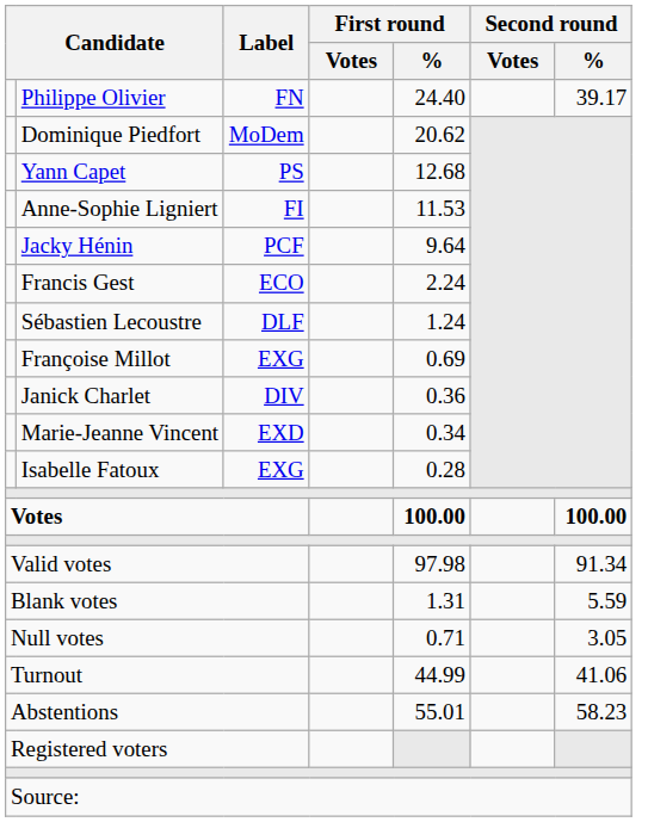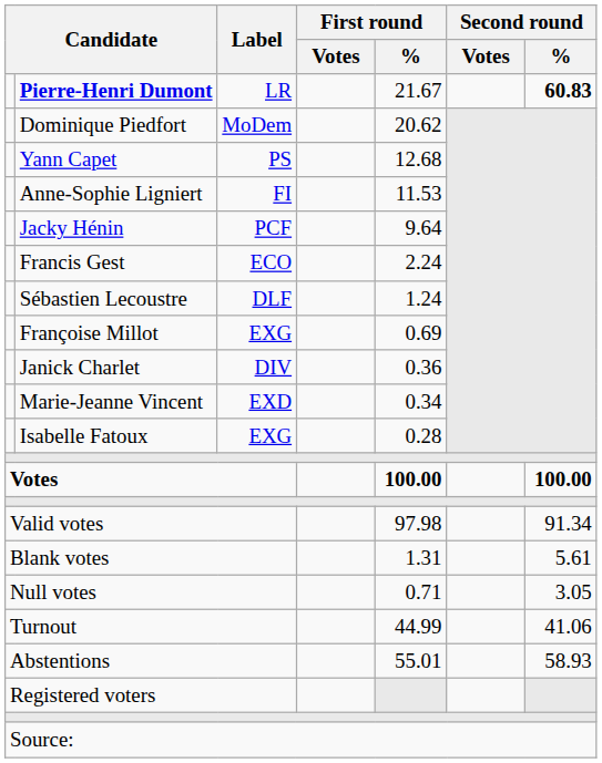 <table class="wikitable" style="text-align:right;font-size:95%;">
 <tr>
 <th rowspan="2" colspan="2">Candidate</th>
 <th rowspan="2">Label</th>
 <th colspan="2">First round</th>
 <th colspan="2">Second round</th>
 </tr>
 <tr>
 <th style="width:50px;">Votes</th>
 <th style="width:45px;">%</th>
 <th style="width:50px;">Votes</th>
 <th style="width:45px;">%</th>
 </tr>
 <tr>
 <td style="color:inherit;background:"></td>
-<td style="text-align:left;"><a href='#'>Philippe Olivier</a></td>
-<td><a href='#'>FN</a></td>
+<td style="text-align:left;"><strong><a href='#'>Pierre-Henri Dumont</a></strong></td>
+<td><a href='#'>LR</a></td>
 <td></td>
-<td>24.40</td>
-<td></td>
-<td>39.17</td>
+<td>21.67</td>
+<td><strong></strong></td>
+<td><strong>60.83</strong></td>
 </tr>
 <tr>
 <td style="color:inherit;background:"></td>
 <td style="text-align:left;">Dominique Piedfort</td>
 <td><a href='#'>MoDem</a></td>
 <td></td>
 <td>20.62</td>
 <td colspan="2" rowspan="10" style="background:#E9E9E9;"></td>
 </tr>
 <tr>
 <td style="color:inherit;background:"></td>
 <td style="text-align:left;"><a href='#'>Yann Capet</a></td>
 <td><a href='#'>PS</a></td>
 <td></td>
 <td>12.68</td>
 </tr>
 <tr>
 <td style="color:inherit;background:"></td>
 <td style="text-align:left;">Anne-Sophie Ligniert</td>
 <td><a href='#'>FI</a></td>
 <td></td>
 <td>11.53</td>
 </tr>
 <tr>
 <td style="color:inherit;background:"></td>
 <td style="text-align:left;"><a href='#'>Jacky Hénin</a></td>
 <td><a href='#'>PCF</a></td>
 <td></td>
 <td>9.64</td>
 </tr>
 <tr>
 <td style="color:inherit;background:"></td>
 <td style="text-align:left;">Francis Gest</td>
 <td><a href='#'>ECO</a></td>
 <td></td>
 <td>2.24</td>
 </tr>
 <tr>
 <td style="color:inherit;background:"></td>
 <td style="text-align:left;">Sébastien Lecoustre</td>
 <td><a href='#'>DLF</a></td>
 <td></td>
 <td>1.24</td>
 </tr>
 <tr>
 <td style="color:inherit;background:"></td>
 <td style="text-align:left;">Françoise Millot</td>
 <td><a href='#'>EXG</a></td>
 <td></td>
 <td>0.69</td>
 </tr>
 <tr>
 <td style="color:inherit;background:"></td>
 <td style="text-align:left;">Janick Charlet</td>
 <td><a href='#'>DIV</a></td>
 <td></td>
 <td>0.36</td>
 </tr>
 <tr>
 <td style="color:inherit;background:"></td>
 <td style="text-align:left;">Marie-Jeanne Vincent</td>
 <td><a href='#'>EXD</a></td>
 <td></td>
 <td>0.34</td>
 </tr>
 <tr>
 <td style="color:inherit;background:"></td>
 <td style="text-align:left;">Isabelle Fatoux</td>
 <td><a href='#'>EXG</a></td>
 <td></td>
 <td>0.28</td>
 </tr>
 <tr>
 <td colspan="7" style="background:#E9E9E9;"></td>
 </tr>
 <tr style="font-weight:bold;">
 <td colspan="3" style="text-align:left;">Votes</td>
 <td></td>
 <td>100.00</td>
 <td></td>
 <td>100.00</td>
 </tr>
 <tr>
 <td colspan="7" style="background:#E9E9E9;"></td>
 </tr>
 <tr>
 <td colspan="3" style="text-align:left;">Valid votes</td>
 <td></td>
 <td>97.98</td>
 <td></td>
 <td>91.34</td>
 </tr>
 <tr>
 <td colspan="3" style="text-align:left;">Blank votes</td>
 <td></td>
 <td>1.31</td>
 <td></td>
-<td>5.59</td>
+<td>5.61</td>
 </tr>
 <tr>
 <td colspan="3" style="text-align:left;">Null votes</td>
 <td></td>
 <td>0.71</td>
 <td></td>
 <td>3.05</td>
 </tr>
 <tr>
 <td colspan="3" style="text-align:left;">Turnout</td>
 <td></td>
 <td>44.99</td>
 <td></td>
 <td>41.06</td>
 </tr>
 <tr>
 <td colspan="3" style="text-align:left;">Abstentions</td>
 <td></td>
 <td>55.01</td>
 <td></td>
-<td>58.23</td>
+<td>58.93</td>
 </tr>
 <tr>
 <td colspan="3" style="text-align:left;">Registered voters</td>
 <td></td>
 <td style="background:#E9E9E9;"></td>
 <td></td>
 <td style="background:#E9E9E9;"></td>
 </tr>
 <tr>
 <td colspan="7" style="background:#E9E9E9;"></td>
 </tr>
 <tr>
 <td colspan="7" style="text-align:left;">Source: </td>
 </tr>
 </table>
